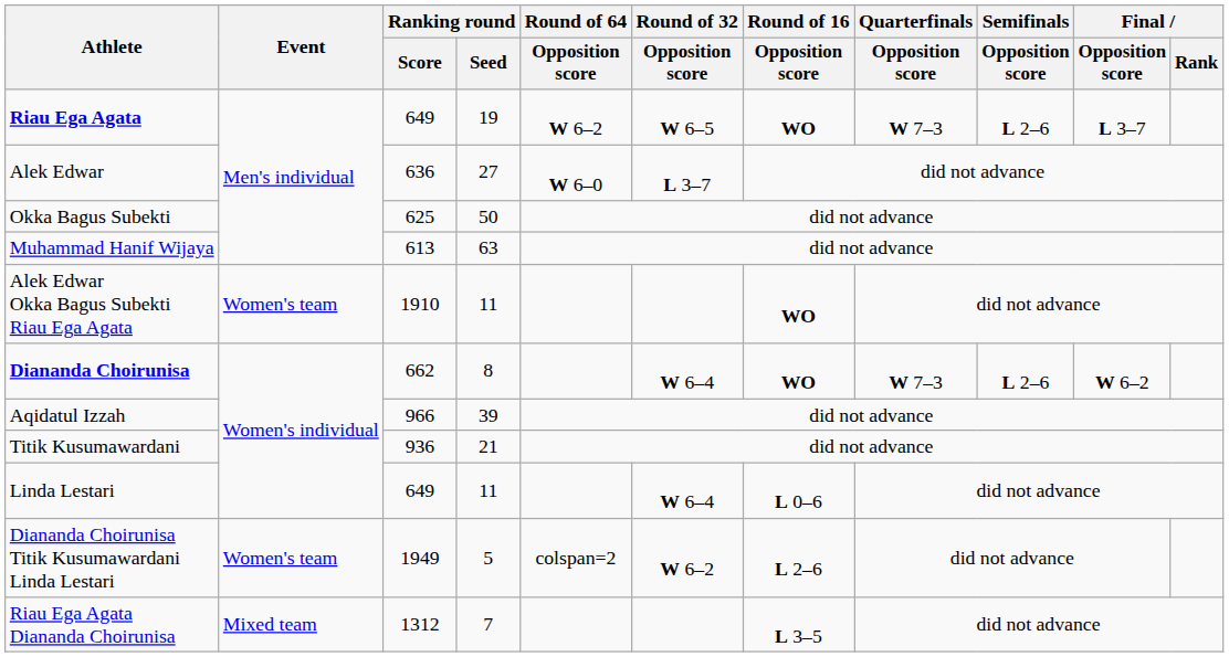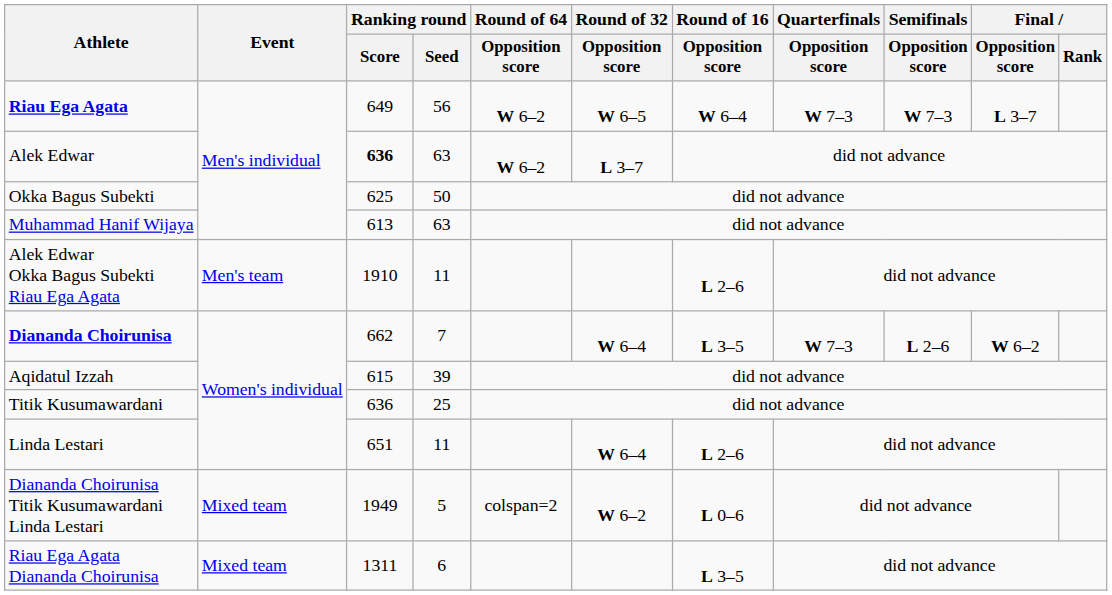 <table class="wikitable" style="font-size:90%; text-align:center;">
 <tr>
 <th rowspan="2">Athlete</th>
 <th rowspan="2">Event</th>
 <th colspan="2">Ranking round</th>
 <th>Round of 64</th>
 <th>Round of 32</th>
 <th>Round of 16</th>
 <th>Quarterfinals</th>
 <th>Semifinals</th>
 <th colspan=2>Final / </th>
 </tr>
 <tr style=font-size:95%>
 <th>Score</th>
 <th>Seed</th>
 <th>Opposition<br> score</th>
 <th>Opposition<br> score</th>
 <th>Opposition<br> score</th>
 <th>Opposition<br> score</th>
 <th>Opposition<br> score</th>
 <th>Opposition<br> score</th>
 <th>Rank</th>
 </tr>
 <tr>
 <td align=left><strong><a href='#'>Riau Ega Agata</a></strong></td>
 <td align=left rowspan=4><a href='#'>Men's individual</a></td>
 <td>649</td>
-<td>19</td>
+<td>56</td>
 <td><br><strong>W</strong> 6–2</td>
 <td><br><strong>W</strong> 6–5</td>
-<td><br><strong>WO</strong></td>
+<td><br><strong>W</strong> 6–4</td>
 <td><br><strong>W</strong> 7–3</td>
-<td><br><strong>L</strong> 2–6</td>
+<td><br><strong>W</strong> 7–3</td>
 <td><br><strong>L</strong> 3–7</td>
 <td></td>
 </tr>
 <tr>
 <td align=left>Alek Edwar</td>
-<td>636</td>
-<td>27</td>
-<td><br><strong>W</strong> 6–0</td>
+<td><strong>636</strong></td>
+<td>63</td>
+<td><br><strong>W</strong> 6–2</td>
 <td><br><strong>L</strong> 3–7</td>
 <td colspan=5>did not advance</td>
 </tr>
 <tr>
 <td align=left>Okka Bagus Subekti</td>
 <td>625</td>
 <td>50</td>
 <td colspan=7>did not advance</td>
 </tr>
 <tr>
 <td align=left><a href='#'>Muhammad Hanif Wijaya</a></td>
 <td>613</td>
 <td>63</td>
 <td colspan=7>did not advance</td>
 </tr>
 <tr>
 <td align=left>Alek Edwar<br>Okka Bagus Subekti<br><a href='#'>Riau Ega Agata</a></td>
-<td align=left><a href='#'>Women's team</a></td>
+<td align=left><a href='#'>Men's team</a></td>
 <td>1910</td>
 <td>11</td>
 <td></td>
 <td></td>
-<td><br><strong>WO</strong></td>
+<td><br><strong>L</strong> 2–6</td>
 <td colspan=4>did not advance</td>
 </tr>
 <tr>
 <td align=left><strong><a href='#'>Diananda Choirunisa</a></strong></td>
 <td align=left rowspan=4><a href='#'>Women's individual</a></td>
 <td>662</td>
-<td>8</td>
+<td>7</td>
 <td></td>
 <td><br><strong>W</strong> 6–4</td>
-<td><br><strong>WO</strong></td>
+<td><br><strong>L</strong> 3–5</td>
 <td><br><strong>W</strong> 7–3</td>
 <td><br><strong>L</strong> 2–6</td>
 <td><br><strong>W</strong> 6–2</td>
 <td></td>
 </tr>
 <tr>
 <td align=left>Aqidatul Izzah</td>
-<td>966</td>
+<td>615</td>
 <td>39</td>
 <td colspan=7>did not advance</td>
 </tr>
 <tr>
 <td align=left>Titik Kusumawardani</td>
-<td>936</td>
-<td>21</td>
+<td>636</td>
+<td>25</td>
 <td colspan=7>did not advance</td>
 </tr>
 <tr>
 <td align=left>Linda Lestari</td>
-<td>649</td>
+<td>651</td>
 <td>11</td>
 <td></td>
 <td><br><strong>W</strong> 6–4</td>
-<td><br><strong>L</strong> 0–6</td>
+<td><br><strong>L</strong> 2–6</td>
 <td colspan=4>did not advance</td>
 </tr>
 <tr>
 <td align=left><a href='#'>Diananda Choirunisa</a><br>Titik Kusumawardani<br>Linda Lestari</td>
-<td align=left><a href='#'>Women's team</a></td>
+<td align=left><a href='#'>Mixed team</a></td>
 <td>1949</td>
 <td>5</td>
 <td>colspan=2</td>
 <td><br><strong>W</strong> 6–2</td>
-<td><br><strong>L</strong> 2–6</td>
+<td><br><strong>L</strong> 0–6</td>
 <td colspan=3>did not advance</td>
 </tr>
 <tr>
 <td align=left><a href='#'>Riau Ega Agata</a><br><a href='#'>Diananda Choirunisa</a></td>
 <td align=left><a href='#'>Mixed team</a></td>
-<td>1312</td>
-<td>7</td>
+<td>1311</td>
+<td>6</td>
 <td></td>
 <td></td>
 <td><br><strong>L</strong> 3–5</td>
 <td colspan=4>did not advance</td>
 </tr>
 </table>
